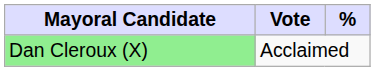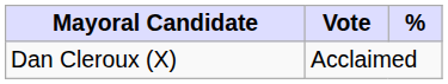 <table class="wikitable">
 <tr>
 <th style="background:#ddf; width:200px;">Mayoral Candidate </th>
 <th style="background:#ddf; width:50px;">Vote</th>
 <th style="background:#ddf; width:30px;">%</th>
 </tr>
 <tr>
-<td style="background: lightgreen;">Dan Cleroux (X)</td>
+<td>Dan Cleroux (X)</td>
 <td colspan="2">Acclaimed</td>
 </tr>
 </table>
